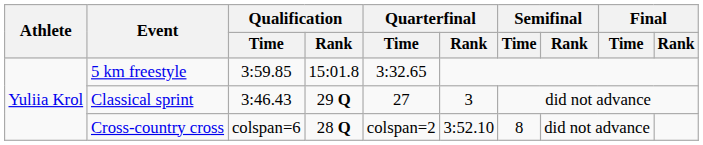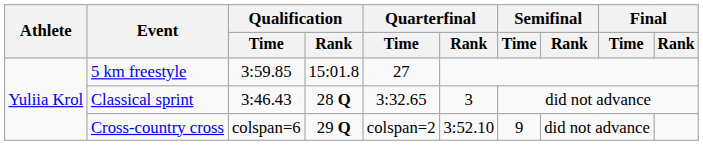 <table class="wikitable" style="font-size:90%">
 <tr>
 <th rowspan="2">Athlete</th>
 <th rowspan="2">Event</th>
 <th colspan="2">Qualification</th>
 <th colspan="2">Quarterfinal</th>
 <th colspan="2">Semifinal</th>
 <th colspan="2">Final</th>
 </tr>
 <tr style="font-size:95%">
 <th>Time</th>
 <th>Rank</th>
 <th>Time</th>
 <th>Rank</th>
 <th>Time</th>
 <th>Rank</th>
 <th>Time</th>
 <th>Rank</th>
 </tr>
 <tr align=center>
 <td align=left rowspan=3><a href='#'>Yuliia Krol</a></td>
 <td align=left><a href='#'>5 km freestyle</a></td>
 <td>3:59.85</td>
 <td>15:01.8</td>
-<td>3:32.65</td>
+<td>27</td>
 </tr>
 <tr align=center>
 <td align=left><a href='#'>Classical sprint</a></td>
 <td>3:46.43</td>
-<td>29 <strong>Q</strong></td>
-<td>27</td>
+<td>28 <strong>Q</strong></td>
+<td>3:32.65</td>
 <td>3</td>
 <td colspan=4>did not advance</td>
 </tr>
 <tr align=center>
 <td align=left><a href='#'>Cross-country cross</a></td>
 <td>colspan=6 </td>
-<td>28 <strong>Q</strong></td>
+<td>29 <strong>Q</strong></td>
 <td>colspan=2 </td>
 <td>3:52.10</td>
-<td>8</td>
+<td>9</td>
 <td colspan=2>did not advance</td>
 </tr>
 </table>
